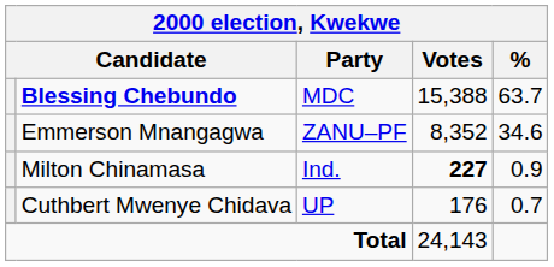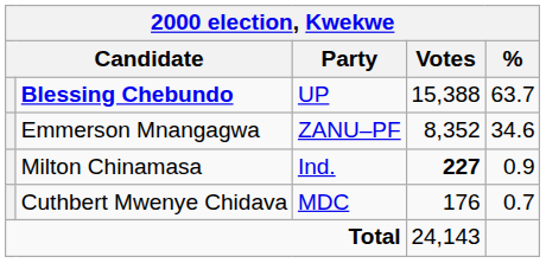 <table class="wikitable">
 <tr>
 <th colspan="5"><a href='#'>2000 election</a>, <a href='#'>Kwekwe</a></th>
 </tr>
 <tr>
 <th colspan="2">Candidate</th>
 <th>Party</th>
 <th>Votes</th>
 <th>%</th>
 </tr>
 <tr>
 <th style="background-color: "></th>
 <td><strong><a href='#'>Blessing Chebundo</a></strong></td>
-<td><a href='#'>MDC</a></td>
+<td><a href='#'>UP</a></td>
 <td style="text-align:right">15,388</td>
 <td style="text-align:right">63.7</td>
 </tr>
 <tr>
 <th style="background-color: "></th>
 <td>Emmerson Mnangagwa</td>
 <td><a href='#'>ZANU–PF</a></td>
 <td style="text-align:right">8,352</td>
 <td style="text-align:right">34.6</td>
 </tr>
 <tr>
 <th style="background-color: "></th>
 <td>Milton Chinamasa</td>
 <td><a href='#'>Ind.</a></td>
 <td style="text-align:right"><strong>227</strong></td>
 <td style="text-align:right">0.9</td>
 </tr>
 <tr>
 <th style="background-color: "></th>
 <td>Cuthbert Mwenye Chidava</td>
-<td><a href='#'>UP</a></td>
+<td><a href='#'>MDC</a></td>
 <td style="text-align:right">176</td>
 <td style="text-align:right">0.7</td>
 </tr>
 <tr>
 <td colspan="3" style="text-align:right"><strong>Total</strong></td>
 <td style="text-align:right">24,143</td>
 <td style="text-align:right"></td>
 </tr>
 </table>
